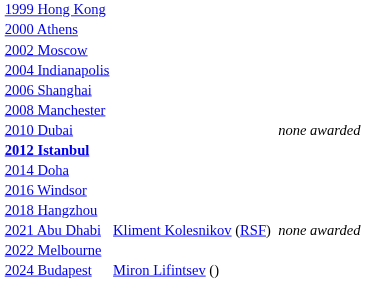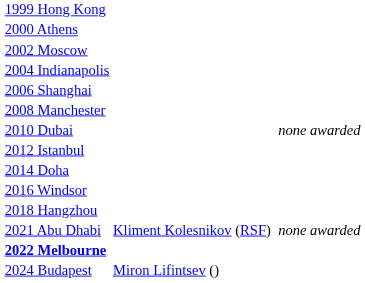 <table>
 <tr>
 <td><a href='#'>1999 Hong Kong</a></td>
 <td></td>
 <td></td>
 <td></td>
 </tr>
 <tr>
 <td><a href='#'>2000 Athens</a></td>
 <td></td>
 <td></td>
 <td></td>
 </tr>
 <tr>
 <td><a href='#'>2002 Moscow</a></td>
 <td></td>
 <td></td>
 <td></td>
 </tr>
 <tr>
 <td><a href='#'>2004 Indianapolis</a></td>
 <td></td>
 <td></td>
 <td></td>
 </tr>
 <tr>
 <td><a href='#'>2006 Shanghai</a></td>
 <td></td>
 <td></td>
 <td></td>
 </tr>
 <tr>
 <td><a href='#'>2008 Manchester</a></td>
 <td></td>
 <td></td>
 <td></td>
 </tr>
 <tr>
 <td rowspan=2><a href='#'>2010 Dubai</a></td>
 <td rowspan=2></td>
 <td></td>
 <td rowspan=2><em>none awarded</em></td>
 </tr>
 <tr>
 <td></td>
 </tr>
 <tr>
-<td><strong><a href='#'>2012 Istanbul</a></strong></td>
+<td><a href='#'>2012 Istanbul</a></td>
 <td></td>
 <td></td>
 <td></td>
 </tr>
 <tr>
 <td><a href='#'>2014 Doha</a></td>
 <td></td>
 <td></td>
 <td></td>
 </tr>
 <tr>
 <td><a href='#'>2016 Windsor</a></td>
 <td></td>
 <td></td>
 <td></td>
 </tr>
 <tr>
 <td><a href='#'>2018 Hangzhou</a></td>
 <td></td>
 <td></td>
 <td></td>
 </tr>
 <tr>
 <td rowspan=2><a href='#'>2021 Abu Dhabi</a></td>
 <td rowspan=2><a href='#'>Kliment Kolesnikov</a> (<a href='#'>RSF</a>)</td>
 <td></td>
 <td rowspan=2><em>none awarded</em></td>
 </tr>
 <tr>
 <td></td>
 </tr>
 <tr>
-<td><a href='#'>2022 Melbourne</a></td>
+<td><strong><a href='#'>2022 Melbourne</a></strong></td>
 <td></td>
 <td></td>
 <td></td>
 </tr>
 <tr>
 <td><a href='#'>2024 Budapest</a></td>
 <td> <a href='#'>Miron Lifintsev</a> ()</td>
 <td></td>
 <td></td>
 </tr>
 </table>
